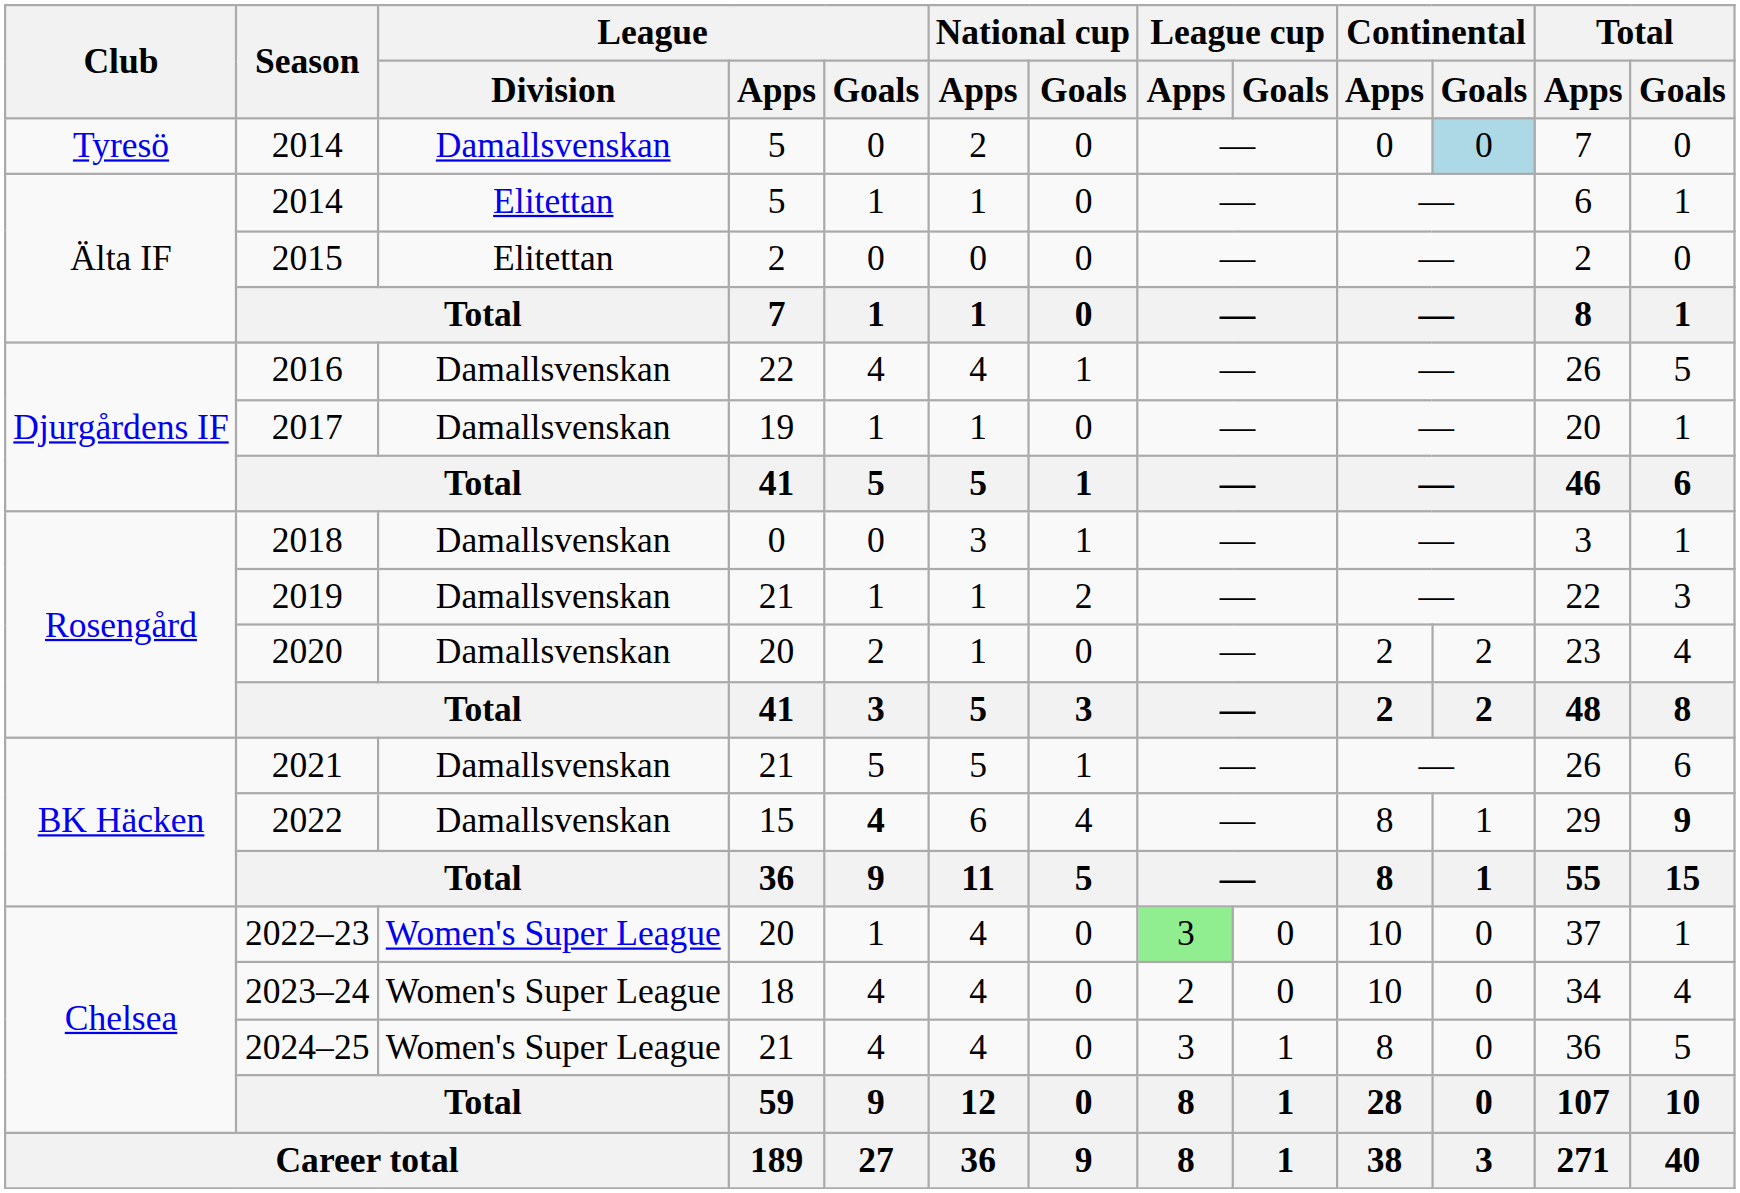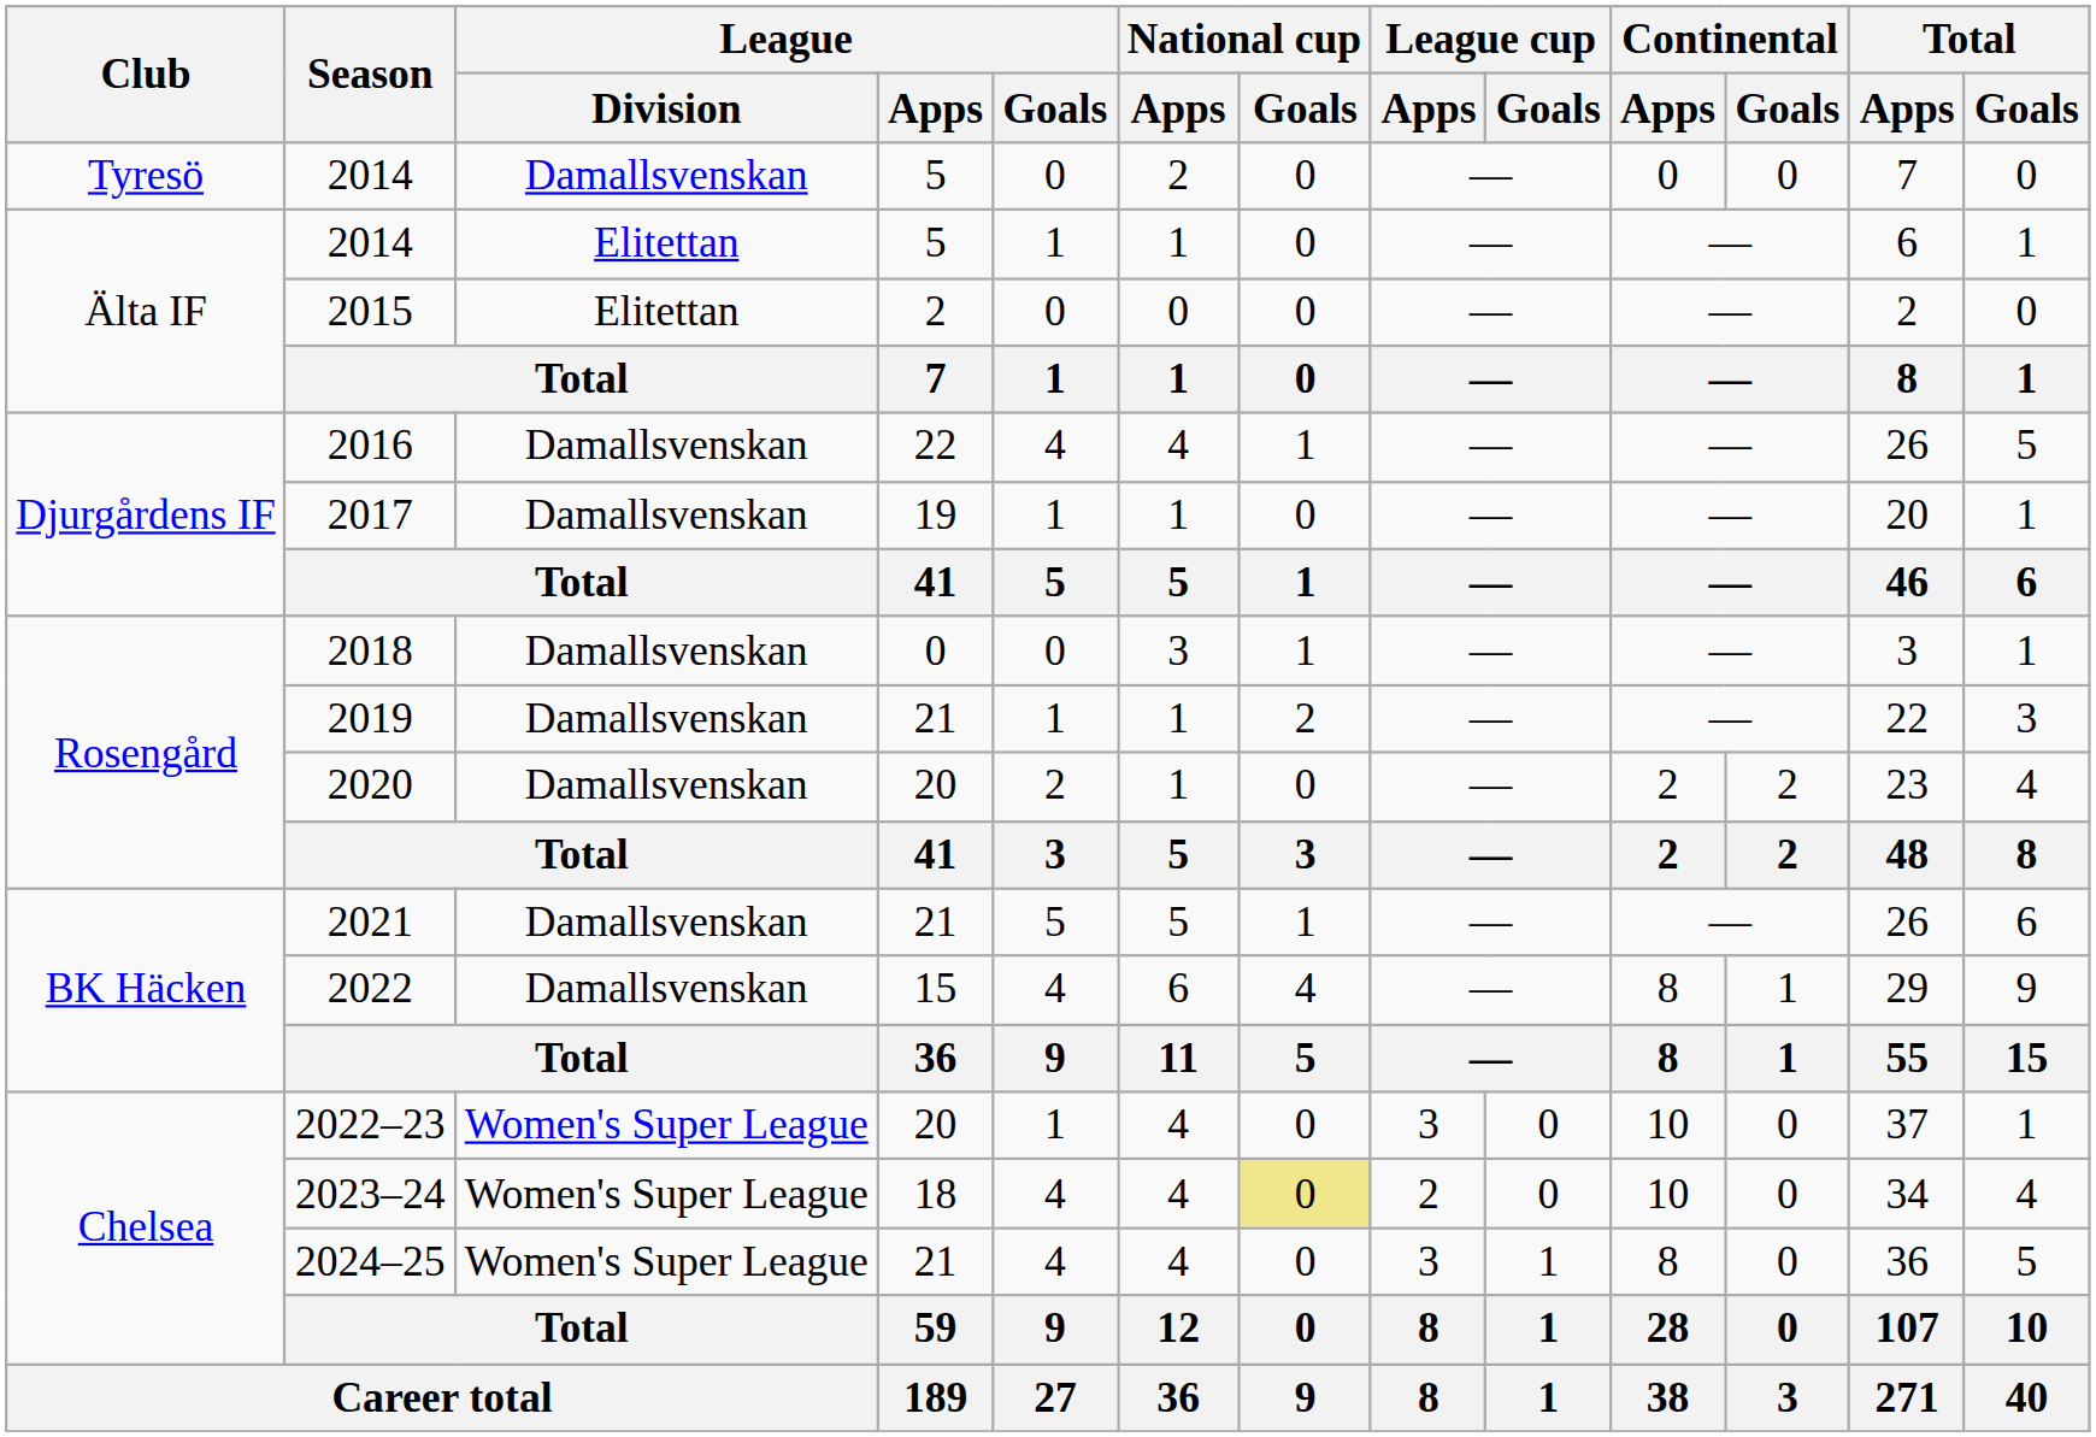 <table class="wikitable" style="text-align:center">
 <tr>
 <th rowspan="2">Club</th>
 <th rowspan="2">Season</th>
 <th colspan="3">League</th>
 <th colspan="2">National cup</th>
 <th colspan="2">League cup</th>
 <th colspan="2">Continental</th>
 <th colspan="2">Total</th>
 </tr>
 <tr>
 <th>Division</th>
 <th>Apps</th>
 <th>Goals</th>
 <th>Apps</th>
 <th>Goals</th>
 <th>Apps</th>
 <th>Goals</th>
 <th>Apps</th>
 <th>Goals</th>
 <th>Apps</th>
 <th>Goals</th>
 </tr>
 <tr>
 <td><a href='#'>Tyresö</a></td>
 <td>2014</td>
 <td><a href='#'>Damallsvenskan</a></td>
 <td>5</td>
 <td>0</td>
 <td>2</td>
 <td>0</td>
 <td colspan="2">—</td>
 <td>0</td>
-<td style="background: lightblue;">0</td>
+<td>0</td>
 <td>7</td>
 <td>0</td>
 </tr>
 <tr>
 <td rowspan="3">Älta IF</td>
 <td>2014</td>
 <td><a href='#'>Elitettan</a></td>
 <td>5</td>
 <td>1</td>
 <td>1</td>
 <td>0</td>
 <td colspan="2">—</td>
 <td colspan="2">—</td>
 <td>6</td>
 <td>1</td>
 </tr>
 <tr>
 <td>2015</td>
 <td>Elitettan</td>
 <td>2</td>
 <td>0</td>
 <td>0</td>
 <td>0</td>
 <td colspan="2">—</td>
 <td colspan="2">—</td>
 <td>2</td>
 <td>0</td>
 </tr>
 <tr>
 <th colspan="2">Total</th>
 <th>7</th>
 <th>1</th>
 <th>1</th>
 <th>0</th>
 <th colspan="2">—</th>
 <th colspan="2">—</th>
 <th>8</th>
 <th>1</th>
 </tr>
 <tr>
 <td rowspan="3"><a href='#'>Djurgårdens IF</a></td>
 <td>2016</td>
 <td>Damallsvenskan</td>
 <td>22</td>
 <td>4</td>
 <td>4</td>
 <td>1</td>
 <td colspan="2">—</td>
 <td colspan="2">—</td>
 <td>26</td>
 <td>5</td>
 </tr>
 <tr>
 <td>2017</td>
 <td>Damallsvenskan</td>
 <td>19</td>
 <td>1</td>
 <td>1</td>
 <td>0</td>
 <td colspan="2">—</td>
 <td colspan="2">—</td>
 <td>20</td>
 <td>1</td>
 </tr>
 <tr>
 <th colspan="2">Total</th>
 <th>41</th>
 <th>5</th>
 <th>5</th>
 <th>1</th>
 <th colspan="2">—</th>
 <th colspan="2">—</th>
 <th>46</th>
 <th>6</th>
 </tr>
 <tr>
 <td rowspan="4"><a href='#'>Rosengård</a></td>
 <td>2018</td>
 <td>Damallsvenskan</td>
 <td>0</td>
 <td>0</td>
 <td>3</td>
 <td>1</td>
 <td colspan="2">—</td>
 <td colspan="2">—</td>
 <td>3</td>
 <td>1</td>
 </tr>
 <tr>
 <td>2019</td>
 <td>Damallsvenskan</td>
 <td>21</td>
 <td>1</td>
 <td>1</td>
 <td>2</td>
 <td colspan="2">—</td>
 <td colspan="2">—</td>
 <td>22</td>
 <td>3</td>
 </tr>
 <tr>
 <td>2020</td>
 <td>Damallsvenskan</td>
 <td>20</td>
 <td>2</td>
 <td>1</td>
 <td>0</td>
 <td colspan="2">—</td>
 <td>2</td>
 <td>2</td>
 <td>23</td>
 <td>4</td>
 </tr>
 <tr>
 <th colspan="2">Total</th>
 <th>41</th>
 <th>3</th>
 <th>5</th>
 <th>3</th>
 <th colspan="2">—</th>
 <th>2</th>
 <th>2</th>
 <th>48</th>
 <th>8</th>
 </tr>
 <tr>
 <td rowspan="3"><a href='#'>BK Häcken</a></td>
 <td>2021</td>
 <td>Damallsvenskan</td>
 <td>21</td>
 <td>5</td>
 <td>5</td>
 <td>1</td>
 <td colspan="2">—</td>
 <td colspan="2">—</td>
 <td>26</td>
 <td>6</td>
 </tr>
 <tr>
 <td>2022</td>
 <td>Damallsvenskan</td>
 <td>15</td>
-<td><strong>4</strong></td>
+<td>4</td>
 <td>6</td>
 <td>4</td>
 <td colspan="2">—</td>
 <td>8</td>
 <td>1</td>
 <td>29</td>
-<td><strong>9</strong></td>
+<td>9</td>
 </tr>
 <tr>
 <th colspan="2">Total</th>
 <th>36</th>
 <th>9</th>
 <th>11</th>
 <th>5</th>
 <th colspan="2">—</th>
 <th>8</th>
 <th>1</th>
 <th>55</th>
 <th>15</th>
 </tr>
 <tr>
 <td rowspan="4"><a href='#'>Chelsea</a></td>
 <td>2022–23</td>
 <td><a href='#'>Women's Super League</a></td>
 <td>20</td>
 <td>1</td>
 <td>4</td>
 <td>0</td>
-<td style="background: lightgreen;">3</td>
+<td>3</td>
 <td>0</td>
 <td>10</td>
 <td>0</td>
 <td>37</td>
 <td>1</td>
 </tr>
 <tr>
 <td>2023–24</td>
 <td>Women's Super League</td>
 <td>18</td>
 <td>4</td>
 <td>4</td>
-<td>0</td>
+<td style="background: khaki;">0</td>
 <td>2</td>
 <td>0</td>
 <td>10</td>
 <td>0</td>
 <td>34</td>
 <td>4</td>
 </tr>
 <tr>
 <td>2024–25</td>
 <td>Women's Super League</td>
 <td>21</td>
 <td>4</td>
 <td>4</td>
 <td>0</td>
 <td>3</td>
 <td>1</td>
 <td>8</td>
 <td>0</td>
 <td>36</td>
 <td>5</td>
 </tr>
 <tr>
 <th colspan="2">Total</th>
 <th>59</th>
 <th>9</th>
 <th>12</th>
 <th>0</th>
 <th>8</th>
 <th>1</th>
 <th>28</th>
 <th>0</th>
 <th>107</th>
 <th>10</th>
 </tr>
 <tr>
 <th colspan="3">Career total</th>
 <th>189</th>
 <th>27</th>
 <th>36</th>
 <th>9</th>
 <th>8</th>
 <th>1</th>
 <th>38</th>
 <th>3</th>
 <th>271</th>
 <th>40</th>
 </tr>
 </table>
